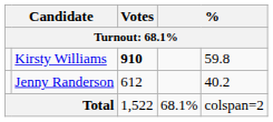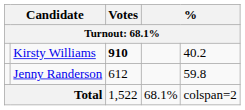 <table class="wikitable plainrowheaders">
 <tr>
 <th colspan="2">Candidate</th>
 <th>Votes</th>
 <th colspan="2">%</th>
 </tr>
 <tr style="font-size:85%">
 <th scope="row" colspan=5 style="text-align:center"><strong>Turnout:</strong>  68.1%</th>
 </tr>
 <tr>
 <td style="background:"></td>
 <td><a href='#'>Kirsty Williams</a> </td>
 <td><strong>910 </strong></td>
 <td></td>
-<td>59.8</td>
+<td>40.2</td>
 </tr>
 <tr>
 <td style="background:"></td>
 <td><a href='#'>Jenny Randerson</a></td>
 <td>612 </td>
 <td></td>
-<td>40.2</td>
+<td>59.8</td>
 </tr>
 <tr>
 <th style="text-align:right;" colspan="2">Total</th>
 <td>1,522</td>
 <td>68.1%</td>
 <td>colspan=2 </td>
 </tr>
 </table>
